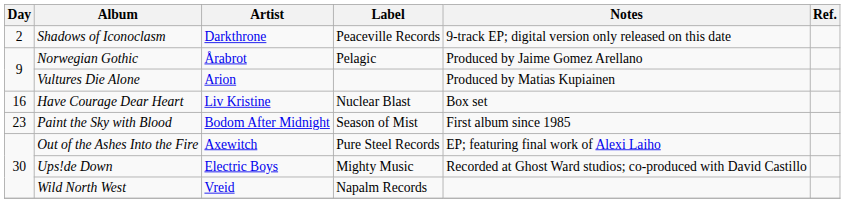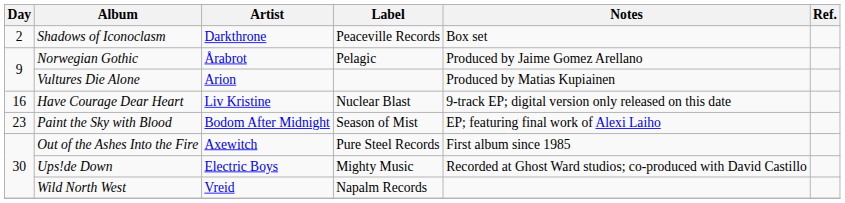 <table class="wikitable">
 <tr>
 <th>Day</th>
 <th>Album</th>
 <th>Artist</th>
 <th>Label</th>
 <th>Notes</th>
 <th>Ref.</th>
 </tr>
 <tr>
 <td style="text-align:center;" rowspan="1">2</td>
 <td><em>Shadows of Iconoclasm</em></td>
 <td><a href='#'>Darkthrone</a></td>
 <td>Peaceville Records</td>
-<td>9-track EP; digital version only released on this date</td>
+<td>Box set</td>
 <td></td>
 </tr>
 <tr>
 <td style="text-align:center;" rowspan="2">9</td>
 <td><em>Norwegian Gothic</em></td>
 <td><a href='#'>Årabrot</a></td>
 <td>Pelagic</td>
 <td>Produced by Jaime Gomez Arellano</td>
 <td></td>
 </tr>
 <tr>
 <td><em>Vultures Die Alone</em></td>
 <td><a href='#'>Arion</a></td>
 <td></td>
 <td>Produced by Matias Kupiainen</td>
 <td></td>
 </tr>
 <tr>
 <td rowspan="1" style="text-align:center;">16</td>
 <td><em>Have Courage Dear Heart</em></td>
 <td><a href='#'>Liv Kristine</a></td>
 <td>Nuclear Blast</td>
-<td>Box set</td>
+<td>9-track EP; digital version only released on this date</td>
 <td></td>
 </tr>
 <tr>
 <td rowspan="1" style="text-align:center;">23</td>
 <td><em>Paint the Sky with Blood</em></td>
 <td><a href='#'>Bodom After Midnight</a></td>
 <td>Season of Mist</td>
-<td>First album since 1985</td>
+<td>EP; featuring final work of <a href='#'>Alexi Laiho</a></td>
 <td></td>
 </tr>
 <tr>
 <td rowspan="3" style="text-align:center;">30</td>
 <td><em>Out of the Ashes Into the Fire</em></td>
 <td><a href='#'>Axewitch</a></td>
 <td>Pure Steel Records</td>
-<td>EP; featuring final work of <a href='#'>Alexi Laiho</a></td>
+<td>First album since 1985</td>
 <td></td>
 </tr>
 <tr>
 <td><em>Ups!de Down</em></td>
 <td><a href='#'>Electric Boys</a></td>
 <td>Mighty Music</td>
 <td>Recorded at Ghost Ward studios; co-produced with David Castillo</td>
 <td></td>
 </tr>
 <tr>
 <td><em>Wild North West</em></td>
 <td><a href='#'>Vreid</a></td>
 <td>Napalm Records</td>
 <td></td>
 <td></td>
 </tr>
 <tr>
 </tr>
 </table>
